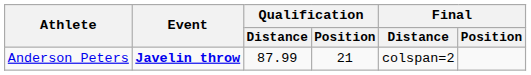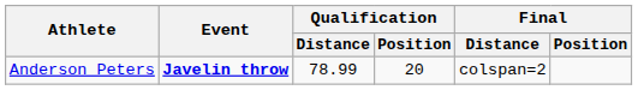 <table class=wikitable style=font-size:90%>
 <tr>
 <th rowspan=2>Athlete</th>
 <th rowspan=2>Event</th>
 <th colspan=2>Qualification</th>
 <th colspan=2>Final</th>
 </tr>
 <tr style=font-size:95%>
 <th>Distance</th>
 <th>Position</th>
 <th>Distance</th>
 <th>Position</th>
 </tr>
 <tr align=center>
 <td align=left><a href='#'>Anderson Peters</a></td>
 <td align=left><strong><a href='#'>Javelin throw</a></strong></td>
-<td>87.99</td>
-<td>21</td>
+<td>78.99</td>
+<td>20</td>
 <td>colspan=2 </td>
 </tr>
 </table>
